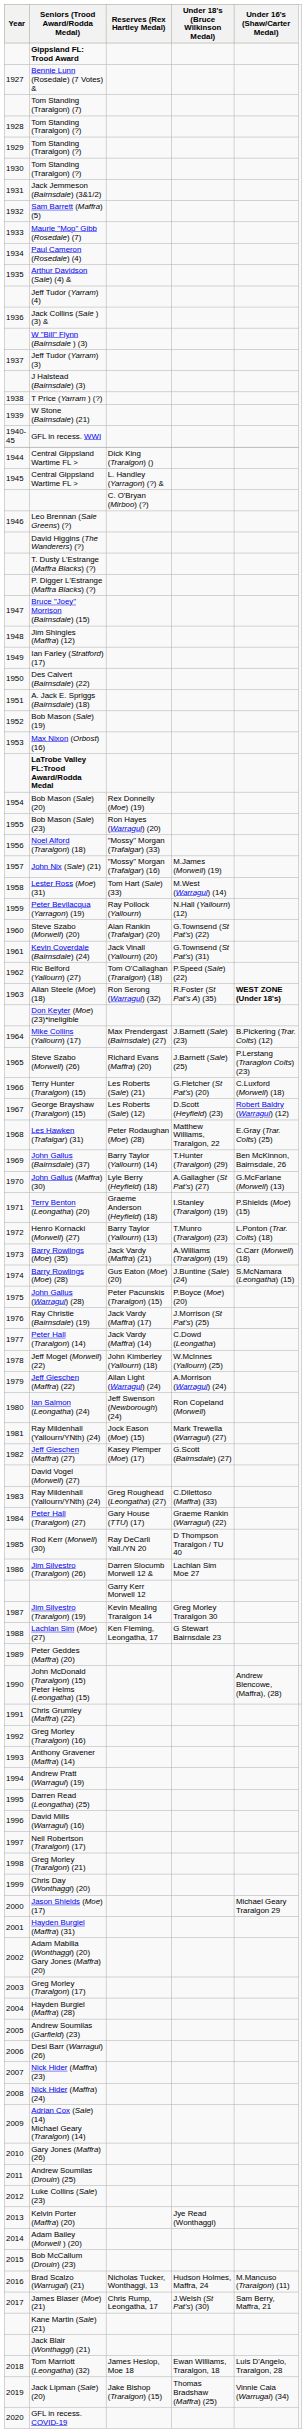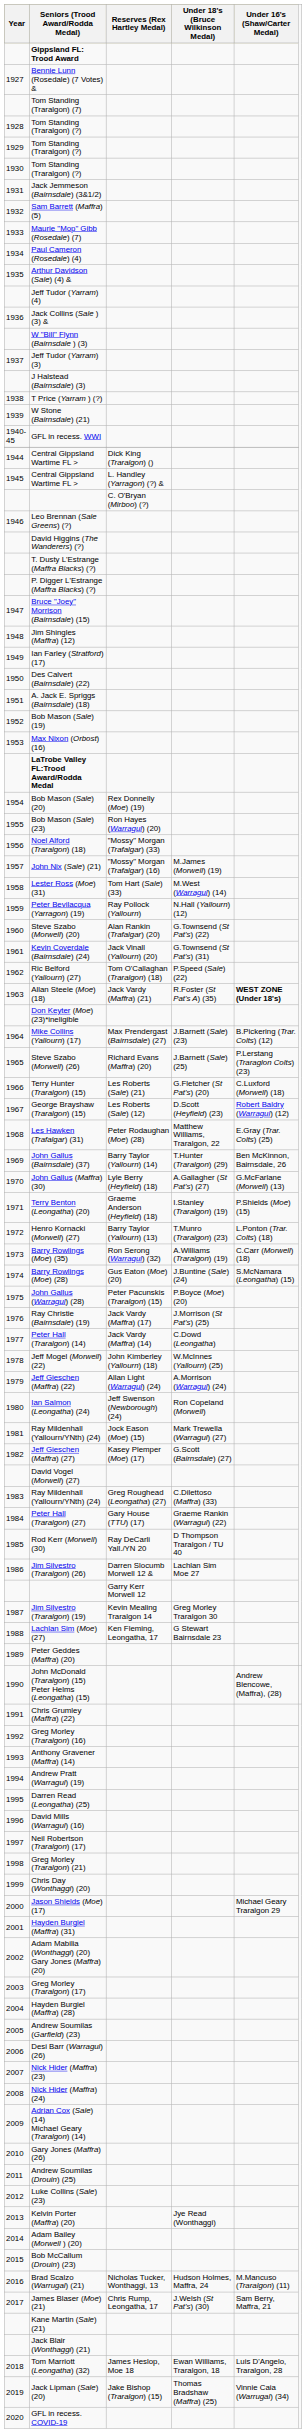 <table class="wikitable">
 <tr bgcolor=#bdb76b>
 <th style= WIDTH="40">Year</th>
 <th style= WIDTH="240">Seniors (Trood Award/Rodda Medal)</th>
 <th style= WIDTH="230">Reserves (Rex Hartley Medal)</th>
 <th style= WIDTH="180">Under 18's (Bruce Wilkinson Medal)</th>
 <th style= WIDTH="220">Under 16's (Shaw/Carter Medal)</th>
 </tr>
 <tr>
 <td></td>
 <td><strong>Gippsland FL: Trood Award</strong></td>
 <td></td>
 <td></td>
 <td></td>
 </tr>
 <tr>
 <td>1927</td>
 <td><a href='#'>Bennie Lunn</a> (Rosedale) (7 Votes) & </td>
 <td></td>
 <td></td>
 <td></td>
 </tr>
 <tr>
 <td></td>
 <td>Tom Standing (Traralgon) (7)</td>
 <td></td>
 <td></td>
 <td></td>
 </tr>
 <tr>
 <td>1928</td>
 <td>Tom Standing (Traralgon) (?)</td>
 <td></td>
 <td></td>
 <td></td>
 </tr>
 <tr>
 <td>1929</td>
 <td>Tom Standing (Traralgon) (?)</td>
 <td></td>
 <td></td>
 <td></td>
 </tr>
 <tr>
 <td>1930</td>
 <td>Tom Standing (Traralgon) (?)</td>
 <td></td>
 <td></td>
 <td></td>
 </tr>
 <tr>
 <td>1931</td>
 <td>Jack Jemmeson (<em>Bairnsdale</em>) (3&1/2)</td>
 <td></td>
 <td></td>
 <td></td>
 </tr>
 <tr>
 <td>1932</td>
 <td><a href='#'>Sam Barrett</a>  (<em>Maffra</em>) (5)</td>
 <td></td>
 <td></td>
 <td></td>
 </tr>
 <tr>
 <td>1933</td>
 <td><a href='#'>Maurie "Mop" Gibb</a>  (<em>Rosedale</em>) (7)</td>
 <td></td>
 <td></td>
 <td></td>
 </tr>
 <tr>
 <td>1934</td>
 <td><a href='#'>Paul Cameron</a> (<em>Rosedale</em>) (4) </td>
 <td></td>
 <td></td>
 <td></td>
 </tr>
 <tr>
 <td>1935</td>
 <td><a href='#'>Arthur Davidson</a> (<em>Sale</em>) (4) & </td>
 <td></td>
 <td></td>
 <td></td>
 </tr>
 <tr>
 <td></td>
 <td>Jeff Tudor (<em>Yarram</em>) (4)</td>
 <td></td>
 <td></td>
 <td></td>
 </tr>
 <tr>
 <td>1936</td>
 <td>Jack Collins (<em>Sale </em>) (3) &</td>
 <td></td>
 <td></td>
 <td></td>
 </tr>
 <tr>
 <td></td>
 <td><a href='#'>W "Bill" Flynn</a> (<em>Bairnsdale </em>) (3)</td>
 <td></td>
 <td></td>
 <td></td>
 </tr>
 <tr>
 <td>1937</td>
 <td>Jeff Tudor (<em>Yarram</em>) (3)</td>
 <td></td>
 <td></td>
 <td></td>
 </tr>
 <tr>
 <td></td>
 <td>J Halstead  (<em>Bairnsdale</em>) (3)</td>
 <td></td>
 <td></td>
 <td></td>
 </tr>
 <tr>
 <td>1938</td>
 <td>T Price  (<em>Yarram </em>) (?)</td>
 <td></td>
 <td></td>
 <td></td>
 </tr>
 <tr>
 <td>1939</td>
 <td>W Stone (<em>Bairnsdale</em>) (21)</td>
 <td></td>
 <td></td>
 <td></td>
 </tr>
 <tr>
 <td>1940-45</td>
 <td>GFL in recess. <a href='#'>WWI</a></td>
 <td></td>
 <td></td>
 <td></td>
 </tr>
 <tr>
 </tr>
 <tr>
 <td>1944</td>
 <td>Central Gippsland Wartime FL ></td>
 <td>Dick King (<em>Traralgon</em>) () </td>
 <td></td>
 <td></td>
 </tr>
 <tr>
 <td>1945</td>
 <td>Central Gippsland Wartime FL ></td>
 <td>L. Handley (<em>Yarragon</em>) (?) &</td>
 <td></td>
 <td></td>
 </tr>
 <tr>
 <td></td>
 <td></td>
 <td>C. O'Bryan (<em>Mirboo</em>) (?) </td>
 <td></td>
 <td></td>
 </tr>
 <tr>
 <td>1946</td>
 <td>Leo Brennan (<em>Sale Greens</em>) (?) </td>
 <td></td>
 <td></td>
 <td></td>
 </tr>
 <tr>
 <td></td>
 <td>David Higgins (<em>The Wanderers</em>)  (?)</td>
 <td></td>
 <td></td>
 <td></td>
 </tr>
 <tr>
 <td></td>
 <td>T. Dusty L'Estrange (<em>Maffra Blacks</em>) (?) </td>
 <td></td>
 <td></td>
 <td></td>
 </tr>
 <tr>
 <td></td>
 <td>P. Digger L'Estrange (<em>Maffra Blacks</em>) (?)</td>
 <td></td>
 <td></td>
 <td></td>
 </tr>
 <tr>
 <td>1947</td>
 <td><a href='#'>Bruce "Joey" Morrison</a> (<em>Bairnsdale</em>) (15) </td>
 <td></td>
 <td></td>
 <td></td>
 </tr>
 <tr>
 <td>1948</td>
 <td>Jim Shingles (<em>Maffra</em>) (12)</td>
 <td></td>
 <td></td>
 <td></td>
 </tr>
 <tr>
 <td>1949</td>
 <td>Ian Farley (<em>Stratford</em>)  (17)</td>
 <td></td>
 <td></td>
 <td></td>
 </tr>
 <tr>
 <td>1950</td>
 <td>Des Calvert (<em>Bairnsdale</em>) (22)</td>
 <td></td>
 <td></td>
 <td></td>
 </tr>
 <tr>
 <td>1951</td>
 <td>A. Jack E. Spriggs (<em>Bairnsdale</em>) (18)</td>
 <td></td>
 <td></td>
 <td></td>
 </tr>
 <tr>
 <td>1952</td>
 <td>Bob Mason (<em>Sale</em>) (19)</td>
 <td></td>
 <td></td>
 <td></td>
 </tr>
 <tr>
 <td>1953</td>
 <td><a href='#'>Max Nixon</a>  (<em>Orbost</em>) (16)</td>
 <td></td>
 <td></td>
 <td></td>
 </tr>
 <tr>
 <td></td>
 <td><strong>LaTrobe Valley FL:Trood Award/Rodda Medal</strong></td>
 <td></td>
 <td></td>
 <td></td>
 </tr>
 <tr>
 <td>1954</td>
 <td>Bob Mason (<em>Sale</em>) (20)</td>
 <td>Rex Donnelly (<em>Moe</em>) (19)</td>
 <td></td>
 <td></td>
 </tr>
 <tr>
 <td>1955</td>
 <td>Bob Mason (<em>Sale</em>) (23)</td>
 <td>Ron Hayes (<em><a href='#'>Warragul</a></em>) (20)</td>
 <td></td>
 <td></td>
 </tr>
 <tr>
 <td>1956</td>
 <td><a href='#'>Noel Alford</a> (<em>Traralgon</em>) (18)</td>
 <td>"Mossy" Morgan (<em>Trafalgar</em>) (33)</td>
 <td></td>
 <td></td>
 </tr>
 <tr j>
 <td>1957</td>
 <td><a href='#'>John Nix</a> (<em>Sale</em>) (21)</td>
 <td>"Mossy" Morgan (<em>Trafalgar</em>) (16)</td>
 <td>M.James (<em>Morwell</em>) (19)</td>
 <td></td>
 </tr>
 <tr>
 <td>1958</td>
 <td><a href='#'>Lester Ross</a> (<em>Moe</em>) (31)</td>
 <td>Tom Hart (<em>Sale</em>) (33)</td>
 <td>M.West (<em><a href='#'>Warragul</a></em>) (14)</td>
 <td></td>
 </tr>
 <tr>
 <td>1959</td>
 <td><a href='#'>Peter Bevilacqua</a> (<em>Yarragon</em>) (19)</td>
 <td>Ray Pollock (<em>Yallourn</em>)</td>
 <td>N.Hall (<em>Yallourn</em>) (12)</td>
 <td></td>
 </tr>
 <tr>
 <td>1960</td>
 <td>Steve Szabo (<em>Morwell</em>) (20)</td>
 <td>Alan Rankin (<em>Trafalgar</em>) (20)</td>
 <td>G.Townsend (<em>St Pat's</em>) (22)</td>
 <td></td>
 </tr>
 <tr>
 <td>1961</td>
 <td><a href='#'>Kevin Coverdale</a> (<em>Bairnsdale</em>) (24)</td>
 <td>Jack Vinall (<em>Yallourn</em>) (20)</td>
 <td>G.Townsend (<em>St Pat's</em>) (31)</td>
 <td></td>
 </tr>
 <tr>
 <td>1962</td>
 <td>Ric Belford (<em>Yallourn</em>) (27)</td>
 <td>Tom O'Callaghan (<em>Traralgon</em>) (18)</td>
 <td>P.Speed (<em>Sale</em>) (22)</td>
 <td></td>
 </tr>
 <tr>
 <td>1963</td>
 <td>Allan Steele (<em>Moe</em>) (18)</td>
-<td>Ron Serong (<em><a href='#'>Warragul</a></em>) (32)</td>
+<td>Jack Vardy (<em>Maffra</em>) (21)</td>
 <td>R.Foster (<em>St Pat's A</em>) (35)</td>
 <td><strong>WEST ZONE (Under 18's)</strong></td>
 </tr>
 <tr>
 <td></td>
 <td><a href='#'>Don Keyter</a> (<em>Moe</em>) (23)*ineligible</td>
 <td></td>
 <td></td>
 <td></td>
 </tr>
 <tr>
 <td>1964</td>
 <td><a href='#'>Mike Collins</a> (<em>Yallourn</em>) (17)</td>
 <td>Max Prendergast (<em>Bairnsdale</em>) (27)</td>
 <td>J.Barnett (<em>Sale</em>) (23)</td>
 <td>B.Pickering (<em>Trar. Colts</em>) (12)</td>
 </tr>
 <tr>
 <td>1965</td>
 <td>Steve Szabo (<em>Morwell</em>) (26)</td>
 <td>Richard Evans (<em>Maffra</em>) (20)</td>
 <td>J.Barnett (<em>Sale</em>) (25)</td>
 <td>P.Lerstang (<em>Traraglon Colts</em>) (23)</td>
 </tr>
 <tr>
 <td>1966</td>
 <td>Terry Hunter (<em>Traralgon</em>) (15)</td>
 <td>Les Roberts (<em>Sale</em>) (21)</td>
 <td>G.Fletcher (<em>St Pat's</em>) (20)</td>
 <td>C.Luxford (<em>Morwell</em>) (18)</td>
 </tr>
 <tr>
 <td>1967</td>
 <td>George Brayshaw (<em>Traralgon</em>) (15)</td>
 <td>Les Roberts (<em>Sale</em>) (12)</td>
 <td>D.Scott (<em>Heyfield</em>) (23)</td>
 <td><a href='#'>Robert Baldry</a> (<em><a href='#'>Warragul</a></em>) (12)</td>
 </tr>
 <tr>
 <td>1968</td>
 <td><a href='#'>Les Hawken</a> (<em>Trafalgar</em>) (31)</td>
 <td>Peter Rodaughan (<em>Moe</em>) (28)</td>
 <td>Matthew Williams, Traralgon, 22</td>
 <td>E.Gray (<em>Trar. Colts</em>) (25)</td>
 </tr>
 <tr>
 <td>1969</td>
 <td><a href='#'>John Gallus</a> (<em>Bairnsdale</em>) (37)</td>
 <td>Barry Taylor (<em>Yallourn</em>) (14)</td>
 <td>T.Hunter (<em>Traralgon</em>) (29)</td>
 <td>Ben McKinnon, Bairnsdale, 26</td>
 </tr>
 <tr>
 <td>1970</td>
 <td><a href='#'>John Gallus</a> (<em>Maffra</em>) (30)</td>
 <td>Lyle Berry (<em>Heyfield</em>) (18)</td>
 <td>A.Gallagher (<em>St Pat's</em>) (27)</td>
 <td>G.McFarlane (<em>Morwell</em>) (13)</td>
 </tr>
 <tr>
 <td>1971</td>
 <td><a href='#'>Terry Benton</a> (<em>Leongatha</em>) (20)</td>
 <td>Graeme Anderson (<em>Heyfield</em>) (18)</td>
 <td>I.Stanley (<em>Traralgon</em>) (19)</td>
 <td>P.Shields (<em>Moe</em>) (15)</td>
 </tr>
 <tr>
 <td>1972</td>
 <td>Henro Kornacki (<em>Morwell</em>) (27)</td>
 <td>Barry Taylor (<em>Yallourn</em>) (13)</td>
 <td>T.Munro (<em>Traralgon</em>) (23)</td>
 <td>L.Ponton (<em>Trar. Colts</em>) (18)</td>
 </tr>
 <tr>
 <td>1973</td>
 <td><a href='#'>Barry Rowlings</a> (<em>Moe</em>) (35)</td>
-<td>Jack Vardy (<em>Maffra</em>) (21)</td>
+<td>Ron Serong (<em><a href='#'>Warragul</a></em>) (32)</td>
 <td>A.Williams (<em>Traralgon</em>) (19)</td>
 <td>C.Carr (<em>Morwell</em>) (18)</td>
 </tr>
 <tr>
 <td>1974</td>
 <td><a href='#'>Barry Rowlings</a> (<em>Moe</em>) (28)</td>
 <td>Gus Eaton (<em>Moe</em>) (20)</td>
 <td>J.Buntine (<em>Sale</em>) (24)</td>
 <td>S.McNamara (<em>Leongatha</em>) (15)</td>
 </tr>
 <tr>
 <td>1975</td>
 <td><a href='#'>John Gallus</a> (<em><a href='#'>Warragul</a></em>) (28)</td>
 <td>Peter Pacunskis (<em>Traralgon</em>) (15)</td>
 <td>P.Boyce (<em>Moe</em>) (20)</td>
 <td></td>
 </tr>
 <tr>
 <td>1976</td>
 <td>Ray Christie (<em>Bairnsdale</em>) (19)</td>
 <td>Jack Vardy (<em>Maffra</em>) (17)</td>
 <td>J.Morrison (<em>St Pat's</em>) (25)</td>
 <td></td>
 </tr>
 <tr>
 <td>1977</td>
 <td><a href='#'>Peter Hall</a> (<em>Traralgon</em>) (14)</td>
 <td>Jack Vardy (<em>Maffra</em>) (14)</td>
 <td>C.Dowd (<em>Leongatha</em>)</td>
 <td></td>
 </tr>
 <tr>
 <td>1978</td>
 <td>Jeff Mogel (<em>Morwell</em>) (22)</td>
 <td>John Kimberley (<em>Yallourn</em>) (18)</td>
 <td>W.McInnes (<em>Yallourn</em>) (25)</td>
 <td></td>
 </tr>
 <tr>
 <td>1979</td>
 <td><a href='#'>Jeff Gieschen</a> (<em>Maffra</em>) (22)</td>
 <td>Allan Light (<em><a href='#'>Warragul</a></em>) (24)</td>
 <td>A.Morrison (<em><a href='#'>Warragul</a></em>) (24)</td>
 <td></td>
 </tr>
 <tr>
 <td>1980</td>
 <td><a href='#'>Ian Salmon</a> (<em>Leongatha</em>) (24)</td>
 <td>Jeff Swenson (<em>Newborough</em>) (24)</td>
 <td>Ron Copeland (<em>Morwell</em>)</td>
 <td></td>
 </tr>
 <tr>
 <td>1981</td>
 <td>Ray Mildenhall (Yallourn/YNth) (24)</td>
 <td>Jock Eason (<em>Moe</em>) (15)</td>
 <td>Mark Trewella (<em>Warragul</em>) (27)</td>
 <td></td>
 </tr>
 <tr>
 <td>1982</td>
 <td><a href='#'>Jeff Gieschen</a> (<em>Maffra</em>) (27)</td>
 <td>Kasey Plemper (<em>Moe</em>) (17)</td>
 <td>G.Scott (<em>Bairnsdale</em>) (27)</td>
 <td></td>
 </tr>
 <tr>
 <td></td>
 <td>David Vogel (<em>Morwell</em>) (27)</td>
 <td></td>
 <td></td>
 <td></td>
 </tr>
 <tr>
 <td>1983</td>
 <td>Ray Mildenhall (Yallourn/YNth) (24)</td>
 <td>Greg Roughead (<em>Leongatha</em>) (27)</td>
 <td>C.Dilettoso (<em>Maffra</em>) (33)</td>
 <td></td>
 </tr>
 <tr>
 <td>1984</td>
 <td><a href='#'>Peter Hall</a> (<em>Traralgon</em>) (27)</td>
 <td>Gary House (<em>TTU</em>) (17)</td>
 <td>Graeme Rankin (<em>Warragul</em>) (22)</td>
 <td></td>
 </tr>
 <tr>
 <td>1985</td>
 <td>Rod Kerr (<em>Morwell</em>) (30)</td>
 <td>Ray DeCarli Yall./YN 20</td>
 <td>D Thompson Traralgon / TU 40</td>
 <td></td>
 </tr>
 <tr>
 <td>1986</td>
 <td><a href='#'>Jim Silvestro</a> (<em>Traralgon</em>) (26)</td>
 <td>Darren Slocumb Morwell 12 &</td>
 <td>Lachlan Sim Moe 27</td>
 <td></td>
 </tr>
 <tr>
 <td></td>
 <td></td>
 <td>Garry Kerr Morwell 12</td>
 <td></td>
 <td></td>
 </tr>
 <tr>
 <td>1987</td>
 <td><a href='#'>Jim Silvestro</a> (<em>Traralgon</em>) (19)</td>
 <td>Kevin Mealing Traralgon 14</td>
 <td>Greg Morley Traralgon 30</td>
 <td></td>
 </tr>
 <tr>
 <td>1988</td>
 <td><a href='#'>Lachlan Sim</a> (<em>Moe</em>) (27)</td>
 <td>Ken Fleming, Leongatha, 17</td>
 <td>G Stewart Bairnsdale 23</td>
 <td></td>
 </tr>
 <tr>
 <td>1989</td>
 <td>Peter Geddes (<em>Maffra</em>) (20)</td>
 <td></td>
 <td></td>
 <td></td>
 </tr>
 <tr>
 <td>1990</td>
 <td>John McDonald (<em>Traralgon</em>) (15)<br>Peter Helms (<em>Leongatha</em>) (15)</td>
 <td></td>
 <td></td>
 <td>Andrew Blencowe, (Maffra), (28)</td>
 <td></td>
 </tr>
 <tr>
 <td>1991</td>
 <td>Chris Grumley (<em>Maffra</em>) (22)</td>
 <td></td>
 <td></td>
 <td></td>
 </tr>
 <tr>
 <td>1992</td>
 <td>Greg Morley (<em>Traralgon</em>) (16)</td>
 <td></td>
 <td></td>
 <td></td>
 </tr>
 <tr>
 <td>1993</td>
 <td>Anthony Gravener (<em>Maffra</em>) (14)</td>
 <td></td>
 <td></td>
 <td></td>
 </tr>
 <tr>
 <td>1994</td>
 <td>Andrew Pratt (<em>Warragul</em>) (19)</td>
 <td></td>
 <td></td>
 <td></td>
 </tr>
 <tr>
 <td>1995</td>
 <td>Darren Read (<em>Leongatha</em>) (25)</td>
 <td></td>
 <td></td>
 <td></td>
 </tr>
 <tr>
 <td>1996</td>
 <td>David Mills (<em>Warragul</em>) (16)</td>
 <td></td>
 <td></td>
 <td></td>
 </tr>
 <tr>
 <td>1997</td>
 <td>Neil Robertson (<em>Traralgon</em>) (17)</td>
 <td></td>
 <td></td>
 <td></td>
 </tr>
 <tr>
 <td>1998</td>
 <td>Greg Morley (<em>Traralgon</em>) (21)</td>
 <td></td>
 <td></td>
 <td></td>
 </tr>
 <tr>
 <td>1999</td>
 <td>Chris Day (<em>Wonthaggi</em>) (20)</td>
 <td></td>
 <td></td>
 <td></td>
 </tr>
 <tr>
 <td>2000</td>
 <td><a href='#'>Jason Shields</a> (<em>Moe</em>) (17)</td>
 <td></td>
 <td></td>
 <td>Michael Geary Traralgon 29</td>
 </tr>
 <tr>
 <td>2001</td>
 <td><a href='#'>Hayden Burgiel</a> (<em>Maffra</em>) (31)</td>
 <td></td>
 <td></td>
 <td></td>
 </tr>
 <tr>
 <td>2002</td>
 <td>Adam Mabilia (<em>Wonthaggi</em>) (20)<br>Gary Jones  (<em>Maffra</em>) (20)</td>
 <td></td>
 <td></td>
 <td></td>
 </tr>
 <tr>
 <td>2003</td>
 <td>Greg Morley (<em>Traralgon</em>) (17)</td>
 <td></td>
 <td></td>
 <td></td>
 </tr>
 <tr>
 <td>2004</td>
 <td>Hayden Burgiel (<em>Maffra</em>) (28)</td>
 <td></td>
 <td></td>
 <td></td>
 </tr>
 <tr>
 <td>2005</td>
 <td>Andrew Soumilas (<em>Garfield</em>) (23)</td>
 <td></td>
 <td></td>
 <td></td>
 </tr>
 <tr>
 <td>2006</td>
 <td>Desi Barr (<em>Warragul</em>) (26)</td>
 <td></td>
 <td></td>
 <td></td>
 </tr>
 <tr>
 <td>2007</td>
 <td><a href='#'>Nick Hider</a> (<em>Maffra</em>) (23)</td>
 <td></td>
 <td></td>
 <td></td>
 </tr>
 <tr>
 <td>2008</td>
 <td><a href='#'>Nick Hider</a> (<em>Maffra</em>) (24)</td>
 <td></td>
 <td></td>
 <td></td>
 </tr>
 <tr>
 <td>2009</td>
 <td><a href='#'>Adrian Cox</a> (<em>Sale</em>) (14)<br>Michael Geary (<em>Traralgon</em>) (14)</td>
 <td></td>
 <td></td>
 <td></td>
 </tr>
 <tr>
 <td>2010</td>
 <td>Gary Jones (<em>Maffra</em>) (26)</td>
 <td></td>
 <td></td>
 <td></td>
 </tr>
 <tr>
 <td>2011</td>
 <td>Andrew Soumilas (<em>Drouin</em>) (25)</td>
 <td></td>
 <td></td>
 <td></td>
 </tr>
 <tr>
 <td>2012</td>
 <td>Luke Collins (<em>Sale</em>) (23)</td>
 <td></td>
 <td></td>
 <td></td>
 </tr>
 <tr>
 <td>2013</td>
 <td>Kelvin Porter (<em>Maffra</em>) (20)</td>
 <td></td>
 <td>Jye Read (Wonthaggi)</td>
 <td></td>
 </tr>
 <tr>
 <td>2014</td>
 <td>Adam Bailey  (<em>Morwell </em>) (20)</td>
 <td></td>
 <td></td>
 <td></td>
 </tr>
 <tr>
 <td>2015</td>
 <td>Bob McCallum  (<em>Drouin</em>) (23)</td>
 <td></td>
 <td></td>
 <td></td>
 </tr>
 <tr>
 <td>2016</td>
 <td>Brad Scalzo  (<em>Warrugal</em>) (21)</td>
 <td>Nicholas Tucker, Wonthaggi, 13</td>
 <td>Hudson Holmes, Maffra, 24</td>
 <td>M.Mancuso (<em>Traralgon</em>) (11)</td>
 </tr>
 <tr>
 <td>2017</td>
 <td>James Blaser  (<em>Moe</em>) (21)</td>
 <td>Chris Rump, Leongatha, 17</td>
 <td>J.Welsh (<em>St Pat's</em>) (30)</td>
 <td>Sam Berry, Maffra, 21</td>
 </tr>
 <tr>
 <td></td>
 <td>Kane Martin  (<em>Sale</em>) (21)</td>
 <td></td>
 <td></td>
 <td></td>
 </tr>
 <tr>
 <td></td>
 <td>Jack Blair  (<em>Wonthaggi</em>) (21)</td>
 <td></td>
 <td></td>
 <td></td>
 </tr>
 <tr>
 <td>2018</td>
 <td>Tom Marriott  (<em>Leongatha</em>) (32)</td>
 <td>James Heslop, Moe 18</td>
 <td>Ewan Williams, Traralgon, 18</td>
 <td>Luis D'Angelo, Traralgon, 28</td>
 </tr>
 <tr>
 <td>2019</td>
 <td>Jack Lipman (<em>Sale</em>) (20)</td>
 <td>Jake Bishop (<em>Traralgon</em>) (15)</td>
 <td>Thomas Bradshaw (<em>Maffra</em>) (25)</td>
 <td>Vinnie Caia (<em>Warrugal</em>) (34)</td>
 </tr>
 <tr>
 <td>2020</td>
 <td>GFL in recess. <a href='#'>COVID-19</a></td>
 <td></td>
 <td></td>
 <td></td>
 </tr>
 </table>
